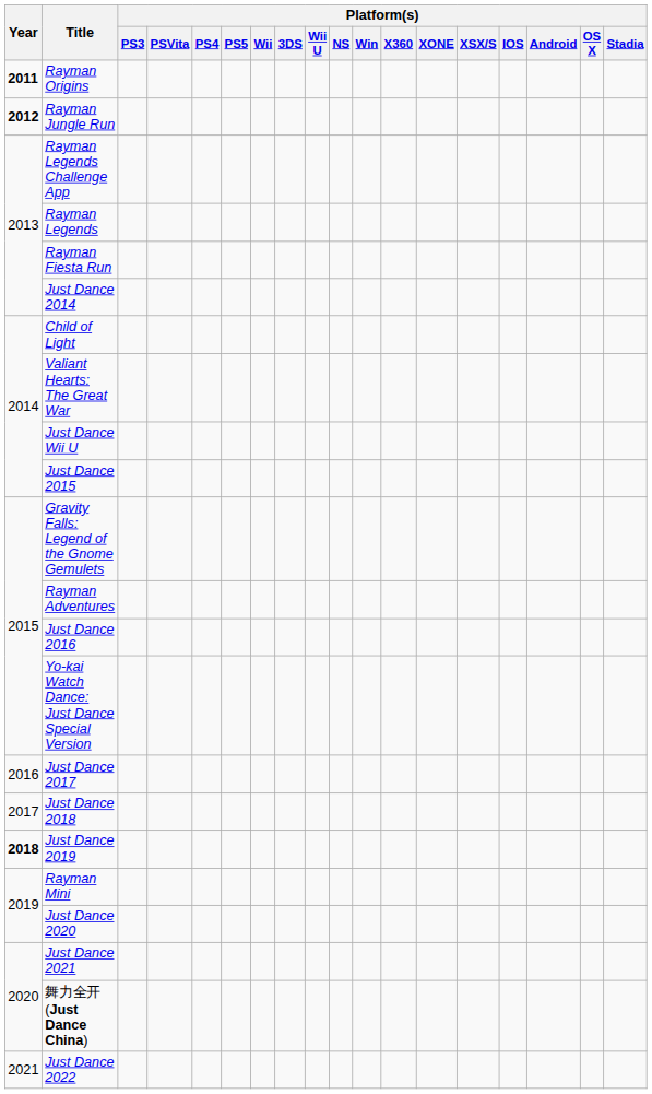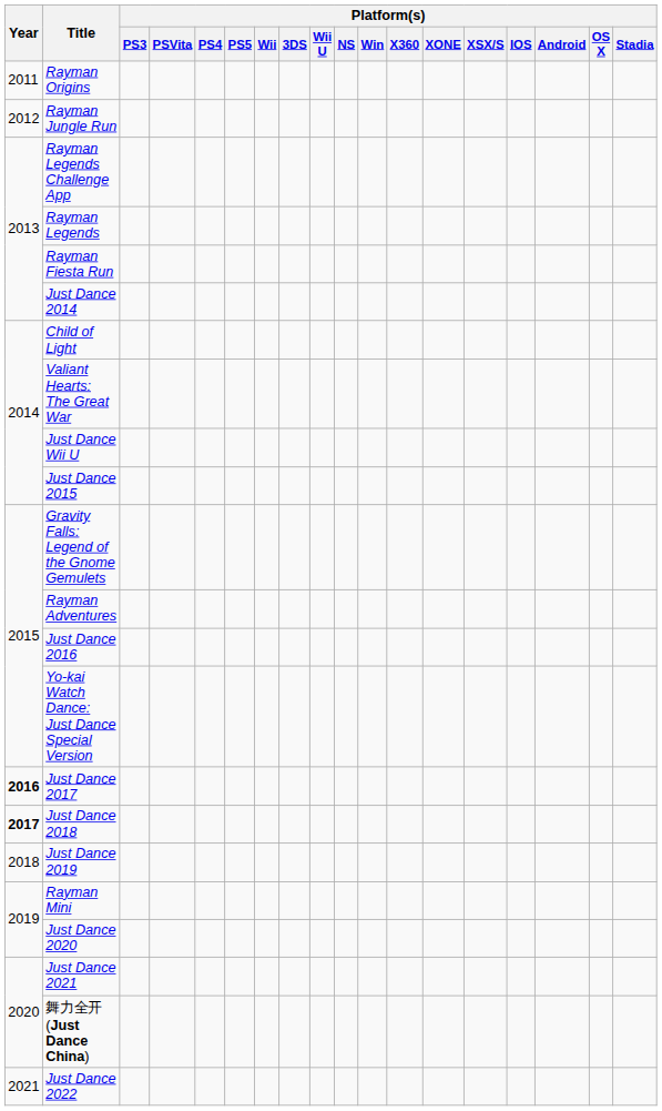 <table class="wikitable">
 <tr>
 <th rowspan="2">Year</th>
 <th rowspan="2">Title</th>
 <th colspan="16">Platform(s)</th>
 </tr>
 <tr>
 <th style="width:3em; font-size:90%"><a href='#'>PS3</a></th>
 <th style="width:3em; font-size:90%"><a href='#'>PSVita</a></th>
 <th style="width:3em; font-size:90%"><a href='#'>PS4</a></th>
 <th style="width:3em; font-size:90%"><a href='#'>PS5</a></th>
 <th style="width:3em; font-size:90%"><a href='#'>Wii</a></th>
 <th style="width:3em; font-size:90%"><a href='#'>3DS</a></th>
 <th style="width:3em; font-size:90%"><a href='#'>Wii U</a></th>
 <th style="width:3em; font-size:90%"><a href='#'>NS</a></th>
 <th style="width:3em; font-size:90%"><a href='#'>Win</a></th>
 <th style="width:3em; font-size:90%"><a href='#'>X360</a></th>
 <th style="width:3em; font-size:90%"><a href='#'>XONE</a></th>
 <th style="width:3em; font-size:90%"><a href='#'>XSX/S</a></th>
 <th style="width:3em; font-size:90%"><a href='#'>IOS</a></th>
 <th style="width:3em; font-size:90%"><a href='#'>Android</a></th>
 <th style="width:3em; font-size:90%"><a href='#'>OS X</a></th>
 <th style="width:3em; font-size:90%"><a href='#'>Stadia</a></th>
 </tr>
 <tr>
-<td><strong>2011</strong></td>
+<td>2011</td>
 <td><em><a href='#'>Rayman Origins</a></em></td>
 <td></td>
 <td></td>
 <td></td>
 <td></td>
 <td></td>
 <td></td>
 <td></td>
 <td></td>
 <td></td>
 <td></td>
 <td></td>
 <td></td>
 <td></td>
 <td></td>
 <td></td>
 <td></td>
 </tr>
 <tr>
-<td><strong>2012</strong></td>
+<td>2012</td>
 <td><em><a href='#'>Rayman Jungle Run</a></em></td>
 <td></td>
 <td></td>
 <td></td>
 <td></td>
 <td></td>
 <td></td>
 <td></td>
 <td></td>
 <td></td>
 <td></td>
 <td></td>
 <td></td>
 <td></td>
 <td></td>
 <td></td>
 <td></td>
 </tr>
 <tr>
 <td rowspan="4">2013</td>
 <td><em><a href='#'>Rayman Legends Challenge App</a></em></td>
 <td></td>
 <td></td>
 <td></td>
 <td></td>
 <td></td>
 <td></td>
 <td></td>
 <td></td>
 <td></td>
 <td></td>
 <td></td>
 <td></td>
 <td></td>
 <td></td>
 <td></td>
 <td></td>
 </tr>
 <tr>
 <td><em><a href='#'>Rayman Legends</a></em></td>
 <td></td>
 <td></td>
 <td></td>
 <td></td>
 <td></td>
 <td></td>
 <td></td>
 <td></td>
 <td></td>
 <td></td>
 <td></td>
 <td></td>
 <td></td>
 <td></td>
 <td></td>
 <td></td>
 </tr>
 <tr>
 <td><em><a href='#'>Rayman Fiesta Run</a></em></td>
 <td></td>
 <td></td>
 <td></td>
 <td></td>
 <td></td>
 <td></td>
 <td></td>
 <td></td>
 <td></td>
 <td></td>
 <td></td>
 <td></td>
 <td></td>
 <td></td>
 <td></td>
 <td></td>
 </tr>
 <tr>
 <td><em><a href='#'>Just Dance 2014</a></em></td>
 <td></td>
 <td></td>
 <td></td>
 <td></td>
 <td></td>
 <td></td>
 <td></td>
 <td></td>
 <td></td>
 <td></td>
 <td></td>
 <td></td>
 <td></td>
 <td></td>
 <td></td>
 <td></td>
 </tr>
 <tr>
 <td rowspan="4">2014</td>
 <td><em><a href='#'>Child of Light</a></em></td>
 <td></td>
 <td></td>
 <td></td>
 <td></td>
 <td></td>
 <td></td>
 <td></td>
 <td></td>
 <td></td>
 <td></td>
 <td></td>
 <td></td>
 <td></td>
 <td></td>
 <td></td>
 <td></td>
 </tr>
 <tr>
 <td><em><a href='#'>Valiant Hearts: The Great War</a></em></td>
 <td></td>
 <td></td>
 <td></td>
 <td></td>
 <td></td>
 <td></td>
 <td></td>
 <td></td>
 <td></td>
 <td></td>
 <td></td>
 <td></td>
 <td></td>
 <td></td>
 <td></td>
 <td></td>
 </tr>
 <tr>
 <td><em><a href='#'>Just Dance Wii U</a></em></td>
 <td></td>
 <td></td>
 <td></td>
 <td></td>
 <td></td>
 <td></td>
 <td></td>
 <td></td>
 <td></td>
 <td></td>
 <td></td>
 <td></td>
 <td></td>
 <td></td>
 <td></td>
 <td></td>
 </tr>
 <tr>
 <td><em><a href='#'>Just Dance 2015</a></em></td>
 <td></td>
 <td></td>
 <td></td>
 <td></td>
 <td></td>
 <td></td>
 <td></td>
 <td></td>
 <td></td>
 <td></td>
 <td></td>
 <td></td>
 <td></td>
 <td></td>
 <td></td>
 <td></td>
 </tr>
 <tr>
 <td rowspan="4">2015</td>
 <td><em><a href='#'>Gravity Falls: Legend of the Gnome Gemulets</a></em></td>
 <td></td>
 <td></td>
 <td></td>
 <td></td>
 <td></td>
 <td></td>
 <td></td>
 <td></td>
 <td></td>
 <td></td>
 <td></td>
 <td></td>
 <td></td>
 <td></td>
 <td></td>
 <td></td>
 </tr>
 <tr>
 <td><em><a href='#'>Rayman Adventures</a></em></td>
 <td></td>
 <td></td>
 <td></td>
 <td></td>
 <td></td>
 <td></td>
 <td></td>
 <td></td>
 <td></td>
 <td></td>
 <td></td>
 <td></td>
 <td></td>
 <td></td>
 <td></td>
 <td></td>
 </tr>
 <tr>
 <td><em><a href='#'>Just Dance 2016</a></em></td>
 <td></td>
 <td></td>
 <td></td>
 <td></td>
 <td></td>
 <td></td>
 <td></td>
 <td></td>
 <td></td>
 <td></td>
 <td></td>
 <td></td>
 <td></td>
 <td></td>
 <td></td>
 <td></td>
 </tr>
 <tr>
 <td><em><a href='#'>Yo-kai Watch Dance: Just Dance Special Version</a></em></td>
 <td></td>
 <td></td>
 <td></td>
 <td></td>
 <td></td>
 <td></td>
 <td></td>
 <td></td>
 <td></td>
 <td></td>
 <td></td>
 <td></td>
 <td></td>
 <td></td>
 <td></td>
 <td></td>
 </tr>
 <tr>
-<td>2016</td>
+<td><strong>2016</strong></td>
 <td><em><a href='#'>Just Dance 2017</a></em></td>
 <td></td>
 <td></td>
 <td></td>
 <td></td>
 <td></td>
 <td></td>
 <td></td>
 <td></td>
 <td></td>
 <td></td>
 <td></td>
 <td></td>
 <td></td>
 <td></td>
 <td></td>
 <td></td>
 </tr>
 <tr>
-<td>2017</td>
+<td><strong>2017</strong></td>
 <td><em><a href='#'>Just Dance 2018</a></em></td>
 <td></td>
 <td></td>
 <td></td>
 <td></td>
 <td></td>
 <td></td>
 <td></td>
 <td></td>
 <td></td>
 <td></td>
 <td></td>
 <td></td>
 <td></td>
 <td></td>
 <td></td>
 <td></td>
 </tr>
 <tr>
-<td><strong>2018</strong></td>
+<td>2018</td>
 <td><em><a href='#'>Just Dance 2019</a></em></td>
 <td></td>
 <td></td>
 <td></td>
 <td></td>
 <td></td>
 <td></td>
 <td></td>
 <td></td>
 <td></td>
 <td></td>
 <td></td>
 <td></td>
 <td></td>
 <td></td>
 <td></td>
 <td></td>
 </tr>
 <tr>
 <td rowspan="2">2019</td>
 <td><em><a href='#'>Rayman Mini</a></em></td>
 <td></td>
 <td></td>
 <td></td>
 <td></td>
 <td></td>
 <td></td>
 <td></td>
 <td></td>
 <td></td>
 <td></td>
 <td></td>
 <td></td>
 <td></td>
 <td></td>
 <td></td>
 <td></td>
 </tr>
 <tr>
 <td><em><a href='#'>Just Dance 2020</a></em></td>
 <td></td>
 <td></td>
 <td></td>
 <td></td>
 <td></td>
 <td></td>
 <td></td>
 <td></td>
 <td></td>
 <td></td>
 <td></td>
 <td></td>
 <td></td>
 <td></td>
 <td></td>
 <td></td>
 </tr>
 <tr>
 <td rowspan="2">2020</td>
 <td><em><a href='#'>Just Dance 2021</a></em></td>
 <td></td>
 <td></td>
 <td></td>
 <td></td>
 <td></td>
 <td></td>
 <td></td>
 <td></td>
 <td></td>
 <td></td>
 <td></td>
 <td></td>
 <td></td>
 <td></td>
 <td></td>
 <td></td>
 </tr>
 <tr>
 <td>舞力全开 (<strong>Just Dance China</strong>)</td>
 <td></td>
 <td></td>
 <td></td>
 <td></td>
 <td></td>
 <td></td>
 <td></td>
 <td></td>
 <td></td>
 <td></td>
 <td></td>
 <td></td>
 <td></td>
 <td></td>
 <td></td>
 <td></td>
 </tr>
 <tr>
 <td>2021</td>
 <td><em><a href='#'>Just Dance 2022</a></em></td>
 <td></td>
 <td></td>
 <td></td>
 <td></td>
 <td></td>
 <td></td>
 <td></td>
 <td></td>
 <td></td>
 <td></td>
 <td></td>
 <td></td>
 <td></td>
 <td></td>
 <td></td>
 <td></td>
 </tr>
 </table>
